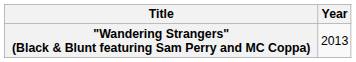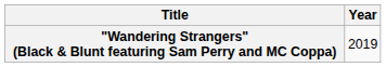 <table class="wikitable plainrowheaders" style="text-align:center;" border="1">
 <tr>
 <th scope="col" style="width:25em;">Title</th>
 <th scope="col" style="width:1em;">Year</th>
 </tr>
 <tr>
 <th scope="row">"Wandering Strangers"<br><span>(Black & Blunt featuring Sam Perry and MC Coppa)</span></th>
-<td>2013</td>
+<td>2019</td>
 </tr>
 </table>
